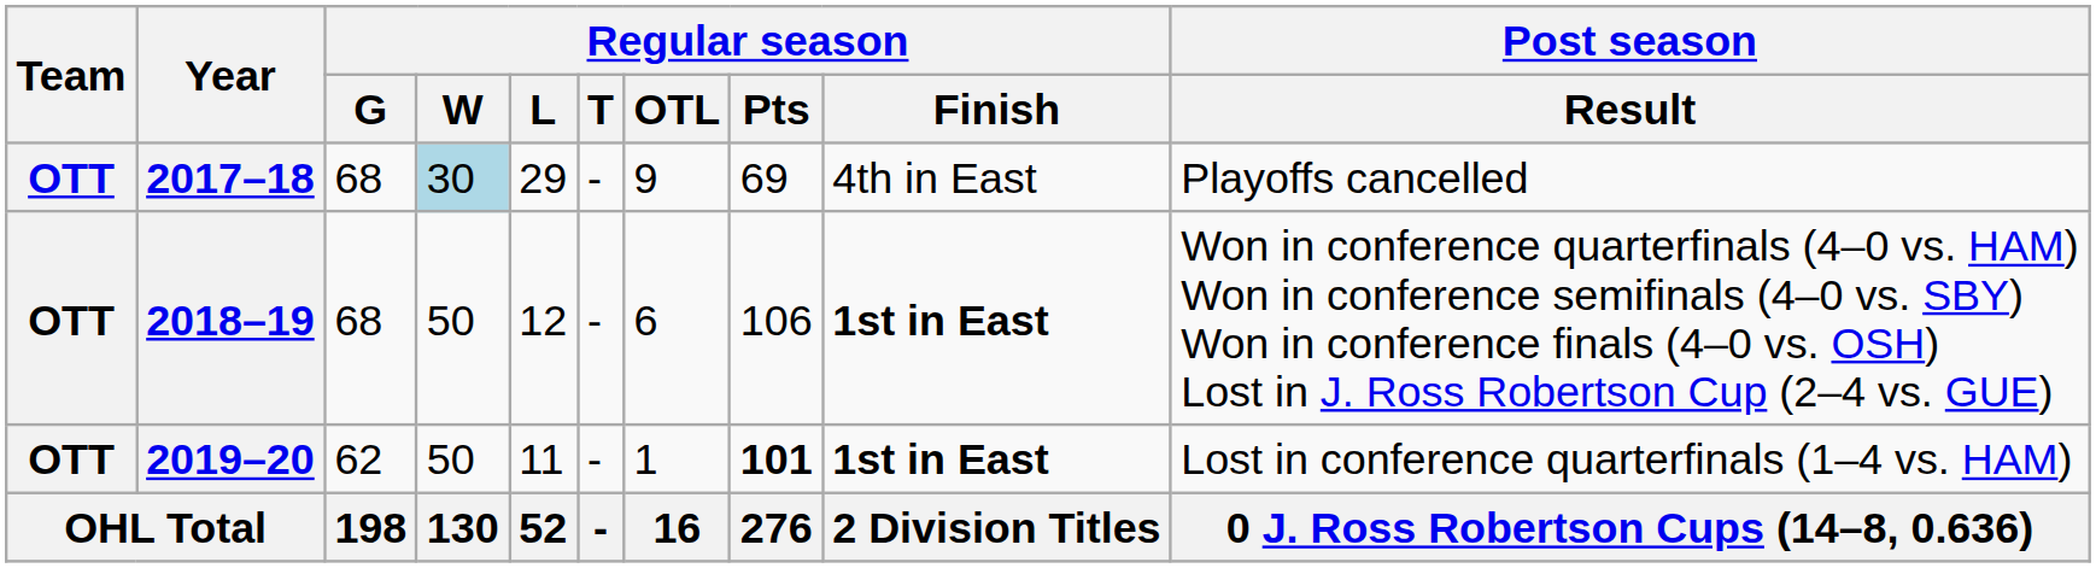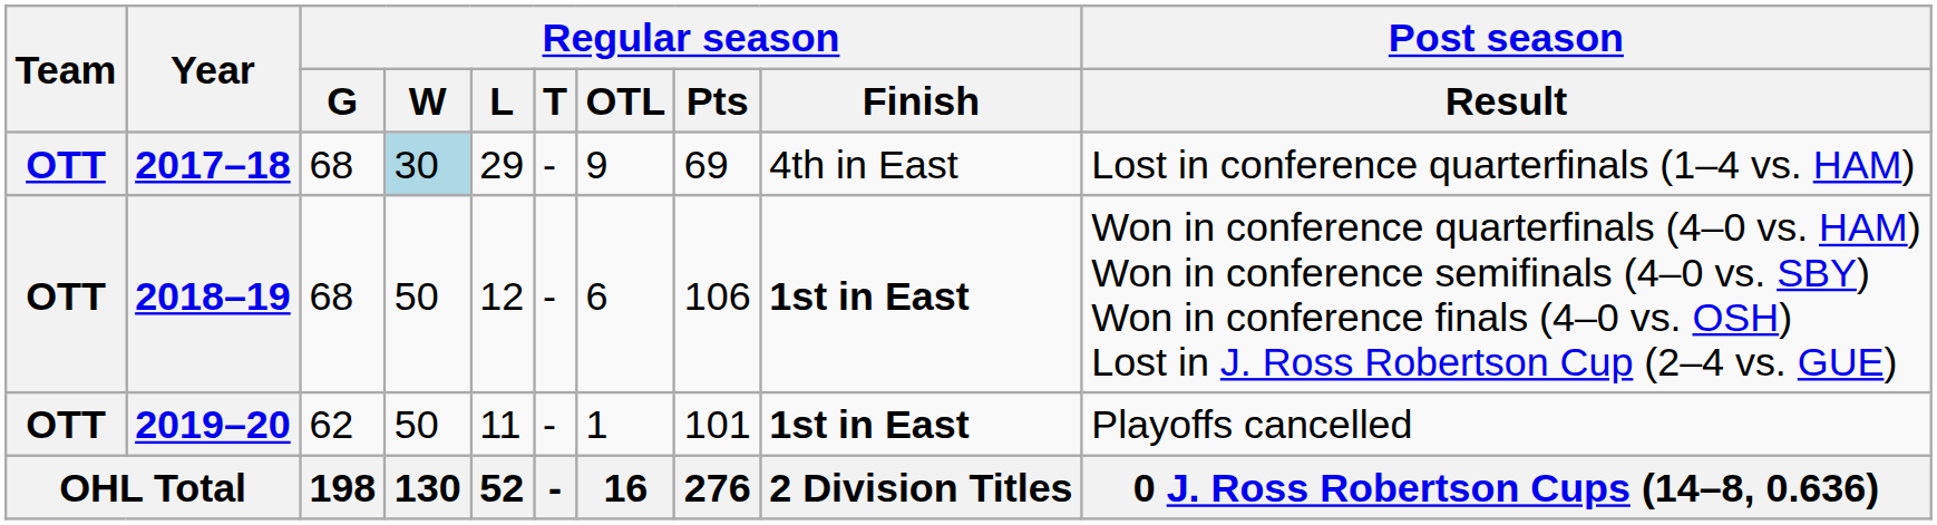 <table class="wikitable" style="font-size: 95%; text-align:centre;">
 <tr>
 <th rowspan="2">Team</th>
 <th rowspan="2">Year</th>
 <th colspan="7"><a href='#'>Regular season</a></th>
 <th colspan="1"><a href='#'>Post season</a></th>
 </tr>
 <tr>
 <th>G</th>
 <th>W</th>
 <th>L</th>
 <th>T</th>
 <th>OTL</th>
 <th>Pts</th>
 <th>Finish</th>
 <th>Result</th>
 </tr>
 <tr>
 <th><a href='#'>OTT</a></th>
 <th><a href='#'>2017–18</a></th>
 <td>68</td>
 <td style="background: lightblue;">30</td>
 <td>29</td>
 <td>-</td>
 <td>9</td>
 <td>69</td>
 <td>4th in East</td>
-<td>Playoffs cancelled</td>
+<td>Lost in conference quarterfinals (1–4 vs. <a href='#'>HAM</a>)</td>
 </tr>
 <tr>
 <th>OTT</th>
 <th><a href='#'>2018–19</a></th>
 <td>68</td>
 <td>50</td>
 <td>12</td>
 <td>-</td>
 <td>6</td>
 <td>106</td>
 <td><strong>1st in East</strong></td>
 <td>Won in conference quarterfinals (4–0 vs. <a href='#'>HAM</a>) <br> Won in conference semifinals (4–0 vs. <a href='#'>SBY</a>) <br> Won in conference finals (4–0 vs. <a href='#'>OSH</a>) <br> Lost in <a href='#'>J. Ross Robertson Cup</a> (2–4 vs. <a href='#'>GUE</a>)</td>
 </tr>
 <tr>
 <th>OTT</th>
 <th><a href='#'>2019–20</a></th>
 <td>62</td>
 <td>50</td>
 <td>11</td>
 <td>-</td>
 <td>1</td>
-<td><strong>101</strong></td>
+<td>101</td>
 <td><strong>1st in East</strong></td>
-<td>Lost in conference quarterfinals (1–4 vs. <a href='#'>HAM</a>)</td>
+<td>Playoffs cancelled</td>
 </tr>
 <tr>
 <th colspan="2">OHL Total</th>
 <th>198</th>
 <th>130</th>
 <th>52</th>
 <th>-</th>
 <th>16</th>
 <th>276</th>
 <th>2 Division Titles</th>
 <th>0 <a href='#'>J. Ross Robertson Cups</a> (14–8, 0.636)</th>
 </tr>
 </table>
